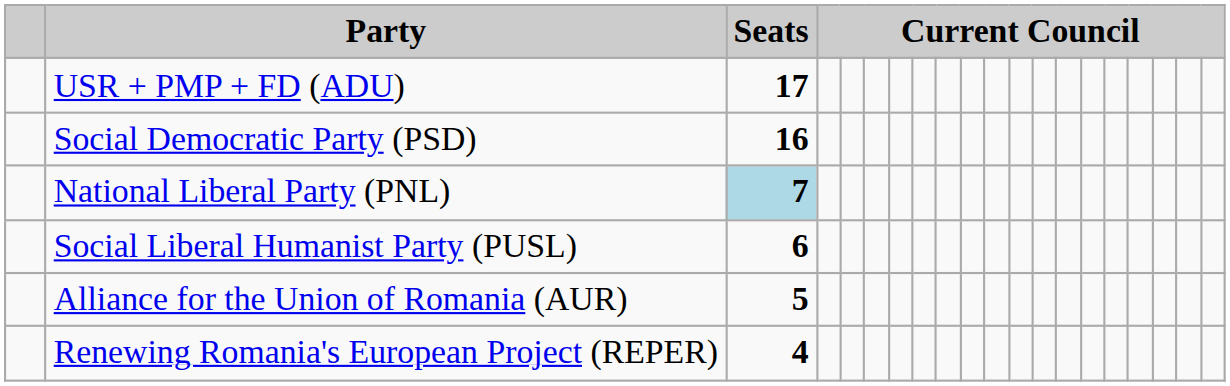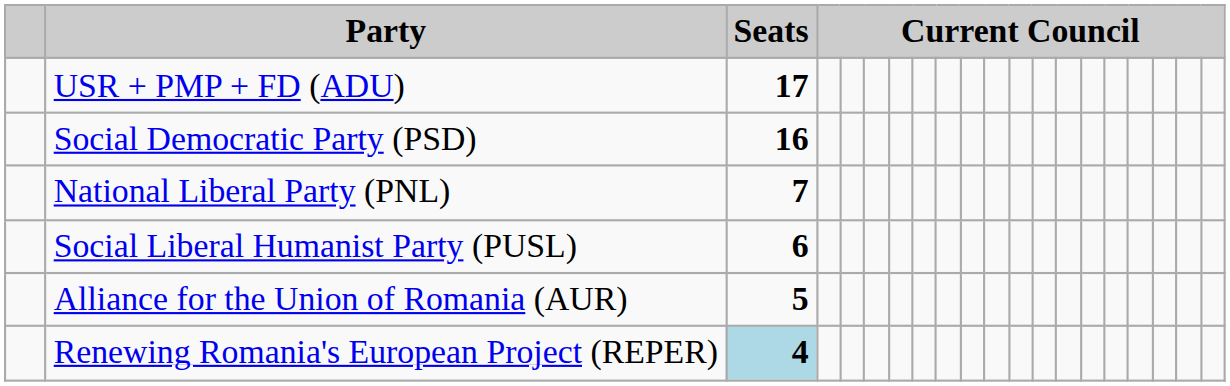 <table class="wikitable">
 <tr>
 <th style="background:#ccc">   </th>
 <th style="background:#ccc">Party</th>
 <th style="background:#ccc">Seats</th>
 <th style="background:#ccc" colspan="24">Current Council</th>
 </tr>
 <tr>
 <td>  </td>
 <td><a href='#'>USR + PMP + FD</a> (<a href='#'>ADU</a>)</td>
 <td style="text-align: right"><strong>17</strong></td>
 <td>  </td>
 <td>  </td>
 <td>  </td>
 <td>  </td>
 <td>  </td>
 <td>  </td>
 <td>  </td>
 <td>  </td>
 <td>  </td>
 <td>  </td>
 <td>  </td>
 <td>  </td>
 <td>  </td>
 <td>  </td>
 <td>  </td>
 <td>  </td>
 <td>  </td>
 </tr>
 <tr>
 <td>  </td>
 <td><a href='#'>Social Democratic Party</a> (PSD)</td>
 <td style="text-align: right"><strong>16</strong></td>
 <td>  </td>
 <td>  </td>
 <td>  </td>
 <td>  </td>
 <td>  </td>
 <td>  </td>
 <td>  </td>
 <td>  </td>
 <td>  </td>
 <td>  </td>
 <td>  </td>
 <td>  </td>
 <td>  </td>
 <td>  </td>
 <td>  </td>
 <td>  </td>
 <td> </td>
 </tr>
 <tr>
 <td>  </td>
 <td><a href='#'>National Liberal Party</a> (PNL)</td>
-<td style="background: lightblue; text-align: right"><strong>7</strong></td>
+<td style="text-align: right"><strong>7</strong></td>
 <td>  </td>
 <td>  </td>
 <td>  </td>
 <td>  </td>
 <td>  </td>
 <td>  </td>
 <td>  </td>
 <td> </td>
 <td> </td>
 <td> </td>
 <td> </td>
 <td> </td>
 <td> </td>
 <td> </td>
 <td> </td>
 <td> </td>
 <td> </td>
 </tr>
 <tr>
 <td>  </td>
 <td><a href='#'>Social Liberal Humanist Party</a> (PUSL)</td>
 <td style="text-align: right"><strong>6</strong></td>
 <td>  </td>
 <td>  </td>
 <td>  </td>
 <td>  </td>
 <td>  </td>
 <td>  </td>
 <td> </td>
 <td> </td>
 <td> </td>
 <td> </td>
 <td> </td>
 <td> </td>
 <td> </td>
 <td> </td>
 <td> </td>
 <td> </td>
 <td> </td>
 </tr>
 <tr>
 <td>  </td>
 <td><a href='#'>Alliance for the Union of Romania</a> (AUR)</td>
 <td style="text-align: right"><strong>5</strong></td>
 <td>  </td>
 <td>  </td>
 <td>  </td>
 <td>  </td>
 <td>  </td>
 <td> </td>
 <td> </td>
 <td> </td>
 <td> </td>
 <td> </td>
 <td> </td>
 <td> </td>
 <td> </td>
 <td> </td>
 <td> </td>
 <td> </td>
 <td> </td>
 </tr>
 <tr>
 <td>  </td>
 <td><a href='#'>Renewing Romania's European Project</a> (REPER)</td>
-<td style="text-align: right"><strong>4</strong></td>
+<td style="background: lightblue; text-align: right"><strong>4</strong></td>
 <td>  </td>
 <td>  </td>
 <td>  </td>
 <td>  </td>
 <td> </td>
 <td> </td>
 <td> </td>
 <td> </td>
 <td> </td>
 <td> </td>
 <td> </td>
 <td> </td>
 <td> </td>
 <td> </td>
 <td> </td>
 <td> </td>
 <td> </td>
 </tr>
 </table>
